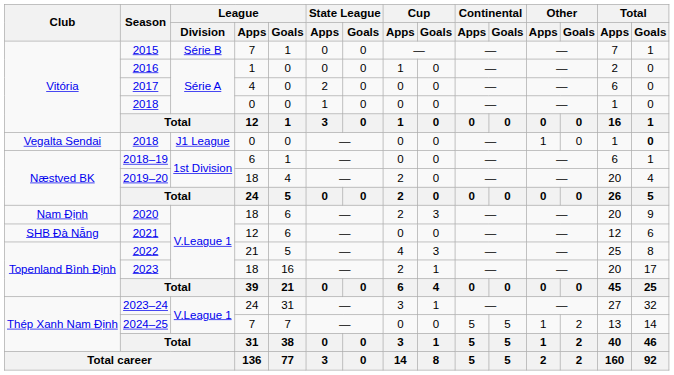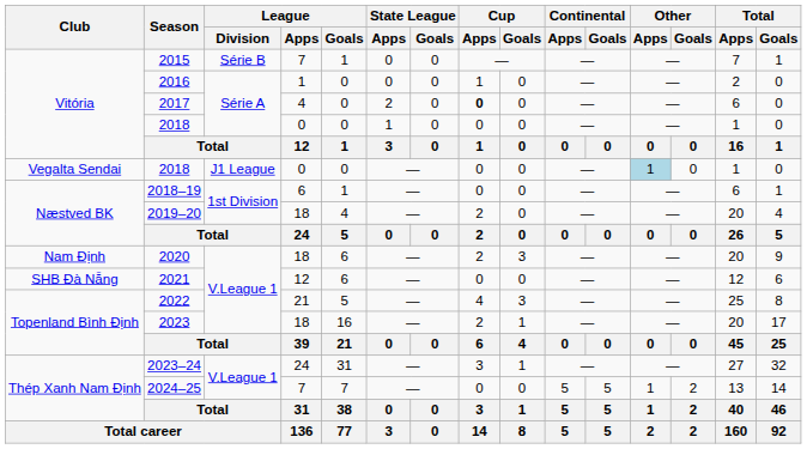 <table class="wikitable" style="text-align: center;">
 <tr>
 <th rowspan="2">Club</th>
 <th rowspan="2">Season</th>
 <th colspan="3">League</th>
 <th colspan="2">State League</th>
 <th colspan="2">Cup</th>
 <th colspan="2">Continental</th>
 <th colspan="2">Other</th>
 <th colspan="2">Total</th>
 </tr>
 <tr>
 <th>Division</th>
 <th>Apps</th>
 <th>Goals</th>
 <th>Apps</th>
 <th>Goals</th>
 <th>Apps</th>
 <th>Goals</th>
 <th>Apps</th>
 <th>Goals</th>
 <th>Apps</th>
 <th>Goals</th>
 <th>Apps</th>
 <th>Goals</th>
 </tr>
 <tr>
 <td rowspan="5"><a href='#'>Vitória</a></td>
 <td><a href='#'>2015</a></td>
 <td><a href='#'>Série B</a></td>
 <td>7</td>
 <td>1</td>
 <td>0</td>
 <td>0</td>
 <td colspan="2">—</td>
 <td colspan="2">—</td>
 <td colspan="2">—</td>
 <td>7</td>
 <td>1</td>
 </tr>
 <tr>
 <td><a href='#'>2016</a></td>
 <td rowspan="3"><a href='#'>Série A</a></td>
 <td>1</td>
 <td>0</td>
 <td>0</td>
 <td>0</td>
 <td>1</td>
 <td>0</td>
 <td colspan="2">—</td>
 <td colspan="2">—</td>
 <td>2</td>
 <td>0</td>
 </tr>
 <tr>
 <td><a href='#'>2017</a></td>
 <td>4</td>
 <td>0</td>
 <td>2</td>
 <td>0</td>
-<td>0</td>
+<td><strong>0</strong></td>
 <td>0</td>
 <td colspan="2">—</td>
 <td colspan="2">—</td>
 <td>6</td>
 <td>0</td>
 </tr>
 <tr>
 <td><a href='#'>2018</a></td>
 <td>0</td>
 <td>0</td>
 <td>1</td>
 <td>0</td>
 <td>0</td>
 <td>0</td>
 <td colspan="2">—</td>
 <td colspan="2">—</td>
 <td>1</td>
 <td>0</td>
 </tr>
 <tr>
 <th colspan="2">Total</th>
 <th>12</th>
 <th>1</th>
 <th>3</th>
 <th>0</th>
 <th>1</th>
 <th>0</th>
 <th>0</th>
 <th>0</th>
 <th>0</th>
 <th>0</th>
 <th>16</th>
 <th>1</th>
 </tr>
 <tr>
 <td><a href='#'>Vegalta Sendai</a></td>
 <td><a href='#'>2018</a></td>
 <td><a href='#'>J1 League</a></td>
 <td>0</td>
 <td>0</td>
 <td colspan="2">—</td>
 <td>0</td>
 <td>0</td>
 <td colspan="2">—</td>
+<td style="background: lightblue;">1</td>
+<td>0</td>
 <td>1</td>
 <td>0</td>
-<td>1</td>
-<td><strong>0</strong></td>
 </tr>
 <tr>
 <td rowspan="3"><a href='#'>Næstved BK</a></td>
 <td><a href='#'>2018–19</a></td>
 <td rowspan="2"><a href='#'>1st Division</a></td>
 <td>6</td>
 <td>1</td>
 <td colspan="2">—</td>
 <td>0</td>
 <td>0</td>
 <td colspan="2">—</td>
 <td colspan="2">—</td>
 <td>6</td>
 <td>1</td>
 </tr>
 <tr>
 <td><a href='#'>2019–20</a></td>
 <td>18</td>
 <td>4</td>
 <td colspan="2">—</td>
 <td>2</td>
 <td>0</td>
 <td colspan="2">—</td>
 <td colspan="2">—</td>
 <td>20</td>
 <td>4</td>
 </tr>
 <tr>
 <th colspan="2">Total</th>
 <th>24</th>
 <th>5</th>
 <th>0</th>
 <th>0</th>
 <th>2</th>
 <th>0</th>
 <th>0</th>
 <th>0</th>
 <th>0</th>
 <th>0</th>
 <th>26</th>
 <th>5</th>
 </tr>
 <tr>
 <td><a href='#'>Nam Định</a></td>
 <td><a href='#'>2020</a></td>
 <td rowspan="4"><a href='#'>V.League 1</a></td>
 <td>18</td>
 <td>6</td>
 <td colspan="2">—</td>
 <td>2</td>
 <td>3</td>
 <td colspan="2">—</td>
 <td colspan="2">—</td>
 <td>20</td>
 <td>9</td>
 </tr>
 <tr>
 <td><a href='#'>SHB Đà Nẵng</a></td>
 <td><a href='#'>2021</a></td>
 <td>12</td>
 <td>6</td>
 <td colspan="2">—</td>
 <td>0</td>
 <td>0</td>
 <td colspan="2">—</td>
 <td colspan="2">—</td>
 <td>12</td>
 <td>6</td>
 </tr>
 <tr>
 <td rowspan="3"><a href='#'>Topenland Bình Định</a></td>
 <td><a href='#'>2022</a></td>
 <td>21</td>
 <td>5</td>
 <td colspan="2">—</td>
 <td>4</td>
 <td>3</td>
 <td colspan="2">—</td>
 <td colspan="2">—</td>
 <td>25</td>
 <td>8</td>
 </tr>
 <tr>
 <td><a href='#'>2023</a></td>
 <td>18</td>
 <td>16</td>
 <td colspan="2">—</td>
 <td>2</td>
 <td>1</td>
 <td colspan="2">—</td>
 <td colspan="2">—</td>
 <td>20</td>
 <td>17</td>
 </tr>
 <tr>
 <th colspan="2">Total</th>
 <th>39</th>
 <th>21</th>
 <th>0</th>
 <th>0</th>
 <th>6</th>
 <th>4</th>
 <th>0</th>
 <th>0</th>
 <th>0</th>
 <th>0</th>
 <th>45</th>
 <th>25</th>
 </tr>
 <tr>
 <td rowspan="3"><a href='#'>Thép Xanh Nam Định</a></td>
 <td><a href='#'>2023–24</a></td>
 <td rowspan="2"><a href='#'>V.League 1</a></td>
 <td>24</td>
 <td>31</td>
 <td colspan="2">—</td>
 <td>3</td>
 <td>1</td>
 <td colspan="2">—</td>
 <td colspan="2">—</td>
 <td>27</td>
 <td>32</td>
 </tr>
 <tr>
 <td><a href='#'>2024–25</a></td>
 <td>7</td>
 <td>7</td>
 <td colspan="2">—</td>
 <td>0</td>
 <td>0</td>
 <td>5</td>
 <td>5</td>
 <td>1</td>
 <td>2</td>
 <td>13</td>
 <td>14</td>
 </tr>
 <tr>
 <th colspan="2">Total</th>
 <th>31</th>
 <th>38</th>
 <th>0</th>
 <th>0</th>
 <th>3</th>
 <th>1</th>
 <th>5</th>
 <th>5</th>
 <th>1</th>
 <th>2</th>
 <th>40</th>
 <th>46</th>
 </tr>
 <tr>
 <th colspan="3">Total career</th>
 <th>136</th>
 <th>77</th>
 <th>3</th>
 <th>0</th>
 <th>14</th>
 <th>8</th>
 <th>5</th>
 <th>5</th>
 <th>2</th>
 <th>2</th>
 <th>160</th>
 <th>92</th>
 </tr>
 </table>
